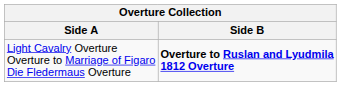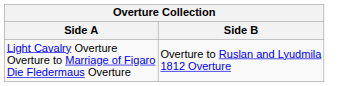 <table class="wikitable">
 <tr>
 <th colspan=2>Overture Collection</th>
 </tr>
 <tr>
 <th>Side A</th>
 <th>Side B</th>
 </tr>
 <tr>
 <td><a href='#'>Light Cavalry</a> Overture<br>Overture to <a href='#'>Marriage of Figaro</a><br><a href='#'>Die Fledermaus</a> Overture</td>
-<td><strong>Overture to <a href='#'>Ruslan and Lyudmila</a><br><a href='#'>1812 Overture</a></strong></td>
+<td>Overture to <a href='#'>Ruslan and Lyudmila</a><br><a href='#'>1812 Overture</a></td>
 </tr>
 </table>
